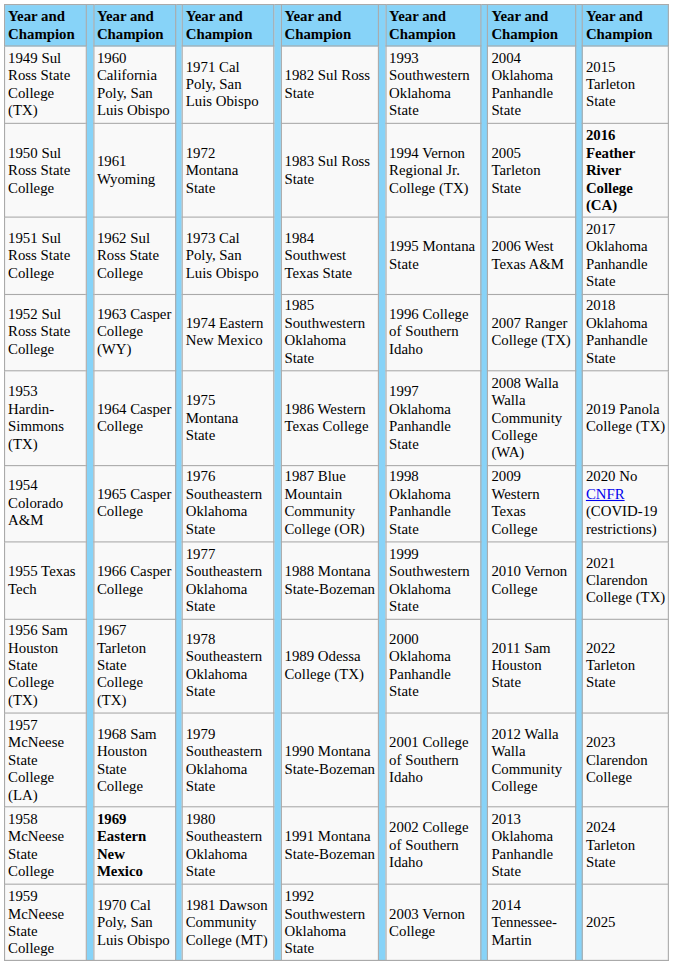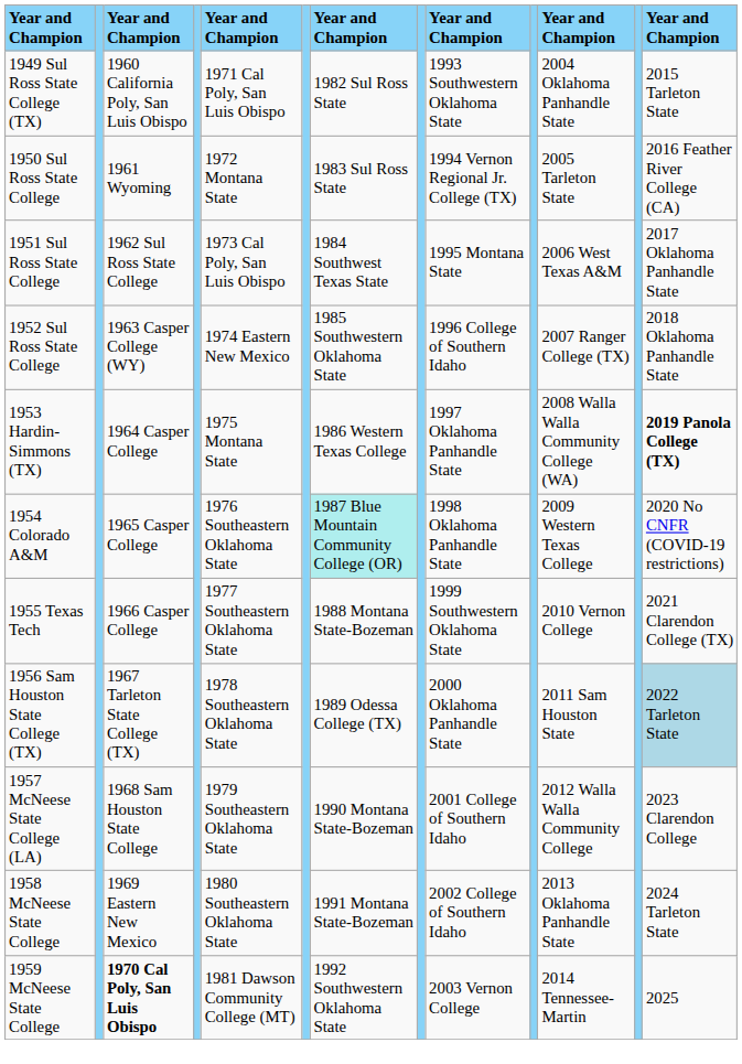 <table class="wikitable" style="font-size:85%;">
 <tr ! style="background-color: #87D3F8;">
 <td><strong>Year and Champion</strong></td>
 <td rowspan=12></td>
 <td><strong>Year and Champion</strong></td>
 <td rowspan=12></td>
 <td><strong>Year and Champion</strong></td>
 <td rowspan=12></td>
 <td><strong>Year and Champion</strong></td>
 <td rowspan=12></td>
 <td><strong>Year and Champion</strong></td>
 <td rowspan=12></td>
 <td><strong>Year and Champion</strong></td>
 <td rowspan=12></td>
 <td><strong>Year and Champion</strong></td>
 </tr>
 <tr --->
 <td>1949 Sul Ross State College (TX)</td>
 <td>1960 California Poly, San Luis Obispo</td>
 <td>1971 Cal Poly, San Luis Obispo</td>
 <td>1982 Sul Ross State</td>
 <td>1993 Southwestern Oklahoma State</td>
 <td>2004 Oklahoma Panhandle State</td>
 <td>2015 Tarleton State</td>
 </tr>
 <tr --->
 <td>1950 Sul Ross State College</td>
 <td>1961 Wyoming</td>
 <td>1972 Montana State</td>
 <td>1983 Sul Ross State</td>
 <td>1994 Vernon Regional Jr. College (TX)</td>
 <td>2005 Tarleton State</td>
-<td><strong>2016 Feather River College (CA)</strong></td>
+<td>2016 Feather River College (CA)</td>
 </tr>
 <tr --->
 <td>1951 Sul Ross State College</td>
 <td>1962 Sul Ross State College</td>
 <td>1973 Cal Poly, San Luis Obispo</td>
 <td>1984 Southwest Texas State</td>
 <td>1995 Montana State</td>
 <td>2006 West Texas A&M</td>
 <td>2017 Oklahoma Panhandle State</td>
 </tr>
 <tr --->
 <td>1952 Sul Ross State College</td>
 <td>1963 Casper College (WY)</td>
 <td>1974 Eastern New Mexico</td>
 <td>1985 Southwestern Oklahoma State</td>
 <td>1996 College of Southern Idaho</td>
 <td>2007 Ranger College (TX)</td>
 <td>2018 Oklahoma Panhandle State</td>
 </tr>
 <tr --->
 <td>1953 Hardin-Simmons (TX)</td>
 <td>1964 Casper College</td>
 <td>1975 Montana State</td>
 <td>1986 Western Texas College</td>
 <td>1997 Oklahoma Panhandle State</td>
 <td>2008 Walla Walla Community College (WA)</td>
-<td>2019 Panola College (TX)</td>
+<td><strong>2019 Panola College (TX)</strong></td>
 </tr>
 <tr --->
 <td>1954 Colorado A&M</td>
 <td>1965 Casper College</td>
 <td>1976 Southeastern Oklahoma State</td>
-<td>1987 Blue Mountain Community College (OR)</td>
+<td style="background: paleturquoise;">1987 Blue Mountain Community College (OR)</td>
 <td>1998 Oklahoma Panhandle State</td>
 <td>2009 Western Texas College</td>
 <td>2020 No <a href='#'>CNFR</a> (COVID-19 restrictions)</td>
 </tr>
 <tr --->
 <td>1955 Texas Tech</td>
 <td>1966 Casper College</td>
 <td>1977 Southeastern Oklahoma State</td>
 <td>1988 Montana State-Bozeman</td>
 <td>1999 Southwestern Oklahoma State</td>
 <td>2010 Vernon College</td>
 <td>2021 Clarendon College (TX)</td>
 </tr>
 <tr --->
 <td>1956 Sam Houston State College (TX)</td>
 <td>1967 Tarleton State College (TX)</td>
 <td>1978 Southeastern Oklahoma State</td>
 <td>1989 Odessa College (TX)</td>
 <td>2000 Oklahoma Panhandle State</td>
 <td>2011 Sam Houston State</td>
-<td>2022 Tarleton State</td>
+<td style="background: lightblue;">2022 Tarleton State</td>
 </tr>
 <tr --->
 <td>1957 McNeese State College (LA)</td>
 <td>1968 Sam Houston State College</td>
 <td>1979 Southeastern Oklahoma State</td>
 <td>1990 Montana State-Bozeman</td>
 <td>2001 College of Southern Idaho</td>
 <td>2012 Walla Walla Community College</td>
 <td>2023 Clarendon College</td>
 </tr>
 <tr --->
 <td>1958 McNeese State College</td>
-<td><strong>1969 Eastern New Mexico</strong></td>
+<td>1969 Eastern New Mexico</td>
 <td>1980 Southeastern Oklahoma State</td>
 <td>1991 Montana State-Bozeman</td>
 <td>2002 College of Southern Idaho</td>
 <td>2013 Oklahoma Panhandle State</td>
 <td>2024 Tarleton State</td>
 </tr>
 <tr --->
 <td>1959 McNeese State College</td>
-<td>1970 Cal Poly, San Luis Obispo</td>
+<td><strong>1970 Cal Poly, San Luis Obispo</strong></td>
 <td>1981 Dawson Community College (MT)</td>
 <td>1992 Southwestern Oklahoma State</td>
 <td>2003 Vernon College</td>
 <td>2014 Tennessee-Martin</td>
 <td>2025</td>
 </tr>
 <tr --->
 </tr>
 </table>
